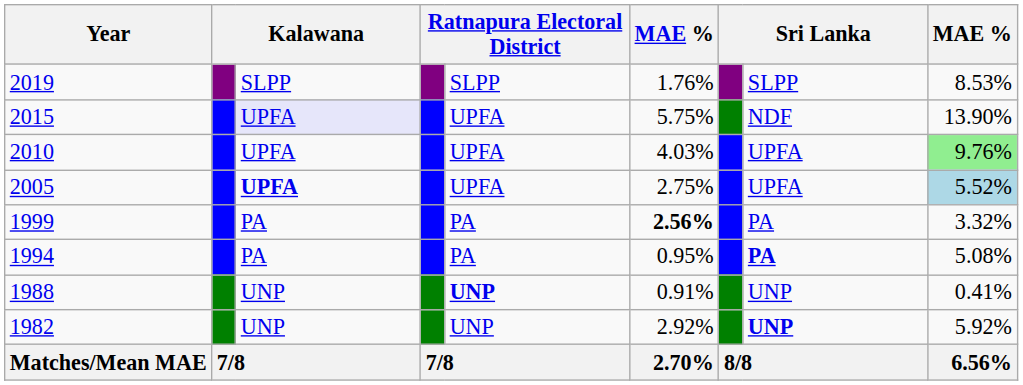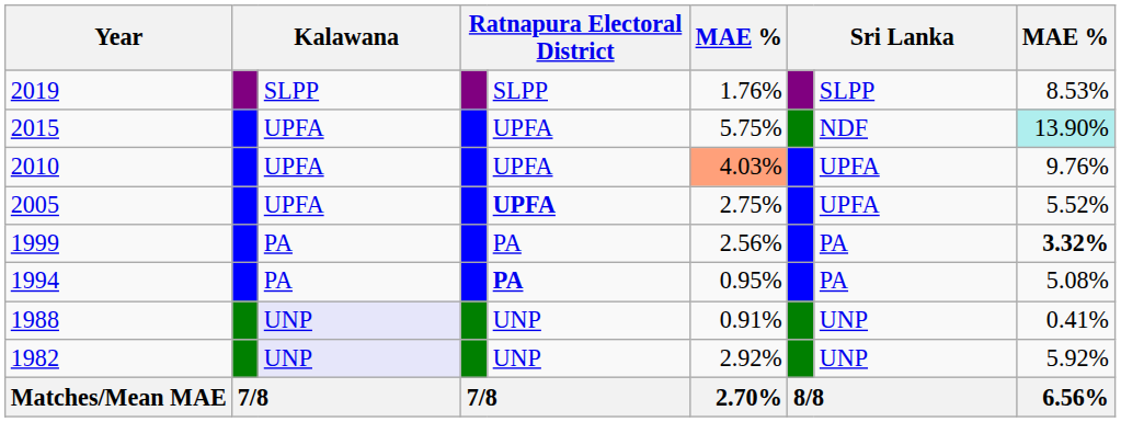 <table class="wikitable">
 <tr>
 <th>Year</th>
 <th colspan="2" width="144px">Kalawana</th>
 <th colspan="2" width="144px"><a href='#'>Ratnapura Electoral District</a></th>
 <th><a href='#'>MAE</a> %</th>
 <th colspan="2" width="144px">Sri Lanka</th>
 <th>MAE %</th>
 </tr>
 <tr>
 <td><a href='#'>2019</a></td>
 <td style="background-color:purple;" width="10px"></td>
 <td style="text-align:left;"><a href='#'>SLPP</a></td>
 <td style="background-color:purple;" width="10px"></td>
 <td style="text-align:left;"><a href='#'>SLPP</a></td>
 <td style="text-align:right;">1.76%</td>
 <td style="background-color:purple;" width="10px"></td>
 <td style="text-align:left;"><a href='#'>SLPP</a></td>
 <td style="text-align:right;">8.53%</td>
 </tr>
 <tr>
 <td><a href='#'>2015</a></td>
 <td style="background-color:blue;" width="10px"></td>
-<td style="background: lavender; text-align:left;"><a href='#'>UPFA</a></td>
+<td style="text-align:left;"><a href='#'>UPFA</a></td>
 <td style="background-color:blue;" width="10px"></td>
 <td style="text-align:left;"><a href='#'>UPFA</a></td>
 <td style="text-align:right;">5.75%</td>
 <td style="background-color:green;" width="10px"></td>
 <td style="text-align:left;"><a href='#'>NDF</a></td>
-<td style="text-align:right;">13.90%</td>
+<td style="background: paleturquoise; text-align:right;">13.90%</td>
 </tr>
 <tr>
 <td><a href='#'>2010</a></td>
 <td style="background-color:blue;" width="10px"></td>
 <td style="text-align:left;"><a href='#'>UPFA</a></td>
 <td style="background-color:blue;" width="10px"></td>
 <td style="text-align:left;"><a href='#'>UPFA</a></td>
-<td style="text-align:right;">4.03%</td>
+<td style="background: lightsalmon; text-align:right;">4.03%</td>
 <td style="background-color:blue;" width="10px"></td>
 <td style="text-align:left;"><a href='#'>UPFA</a></td>
-<td style="background: lightgreen; text-align:right;">9.76%</td>
+<td style="text-align:right;">9.76%</td>
 </tr>
 <tr>
 <td><a href='#'>2005</a></td>
 <td style="background-color:blue;" width="10px"></td>
+<td style="text-align:left;"><a href='#'>UPFA</a></td>
+<td style="background-color:blue;" width="10px"></td>
 <td style="text-align:left;"><strong><a href='#'>UPFA</a></strong></td>
-<td style="background-color:blue;" width="10px"></td>
-<td style="text-align:left;"><a href='#'>UPFA</a></td>
 <td style="text-align:right;">2.75%</td>
 <td style="background-color:blue;" width="10px"></td>
 <td style="text-align:left;"><a href='#'>UPFA</a></td>
-<td style="background: lightblue; text-align:right;">5.52%</td>
+<td style="text-align:right;">5.52%</td>
 </tr>
 <tr>
 <td><a href='#'>1999</a></td>
 <td style="background-color:blue;" width="10px"></td>
 <td style="text-align:left;"><a href='#'>PA</a></td>
 <td style="background-color:blue;" width="10px"></td>
 <td style="text-align:left;"><a href='#'>PA</a></td>
-<td style="text-align:right;"><strong>2.56%</strong></td>
+<td style="text-align:right;">2.56%</td>
 <td style="background-color:blue;" width="10px"></td>
 <td style="text-align:left;"><a href='#'>PA</a></td>
-<td style="text-align:right;">3.32%</td>
+<td style="text-align:right;"><strong>3.32%</strong></td>
 </tr>
 <tr>
 <td><a href='#'>1994</a></td>
 <td style="background-color:blue;" width="10px"></td>
 <td style="text-align:left;"><a href='#'>PA</a></td>
 <td style="background-color:blue;" width="10px"></td>
-<td style="text-align:left;"><a href='#'>PA</a></td>
+<td style="text-align:left;"><strong><a href='#'>PA</a></strong></td>
 <td style="text-align:right;">0.95%</td>
 <td style="background-color:blue;" width="10px"></td>
-<td style="text-align:left;"><strong><a href='#'>PA</a></strong></td>
+<td style="text-align:left;"><a href='#'>PA</a></td>
 <td style="text-align:right;">5.08%</td>
 </tr>
 <tr>
 <td><a href='#'>1988</a></td>
 <td style="background-color:green;" width="10px"></td>
+<td style="background: lavender; text-align:left;"><a href='#'>UNP</a></td>
+<td style="background-color:green;" width="10px"></td>
 <td style="text-align:left;"><a href='#'>UNP</a></td>
-<td style="background-color:green;" width="10px"></td>
-<td style="text-align:left;"><strong><a href='#'>UNP</a></strong></td>
 <td style="text-align:right;">0.91%</td>
 <td style="background-color:green;" width="10px"></td>
 <td style="text-align:left;"><a href='#'>UNP</a></td>
 <td style="text-align:right;">0.41%</td>
 </tr>
 <tr>
 <td><a href='#'>1982</a></td>
 <td style="background-color:green;" width="10px"></td>
-<td style="text-align:left;"><a href='#'>UNP</a></td>
+<td style="background: lavender; text-align:left;"><a href='#'>UNP</a></td>
 <td style="background-color:green;" width="10px"></td>
 <td style="text-align:left;"><a href='#'>UNP</a></td>
 <td style="text-align:right;">2.92%</td>
 <td style="background-color:green;" width="10px"></td>
-<td style="text-align:left;"><strong><a href='#'>UNP</a></strong></td>
+<td style="text-align:left;"><a href='#'>UNP</a></td>
 <td style="text-align:right;">5.92%</td>
 </tr>
 <tr>
 <th>Matches/Mean MAE</th>
 <th style="text-align:left;"colspan="2" width="144px">7/8</th>
 <th style="text-align:left;"colspan="2" width="144px">7/8</th>
 <th style="text-align:right;">2.70%</th>
 <th style="text-align:left;"colspan="2" width="144px">8/8</th>
 <th style="text-align:right;">6.56%</th>
 </tr>
 </table>
